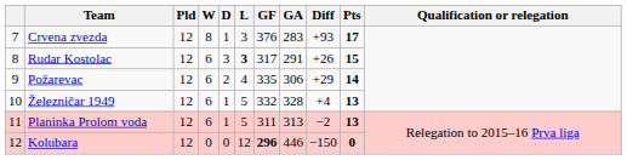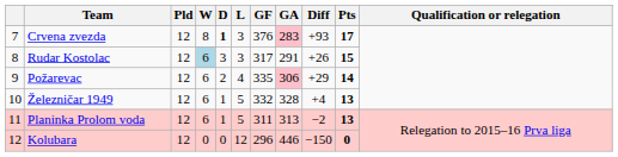 <table class="wikitable sortable" style="text-align:center">
 <tr>
 <th></th>
 <th width="170">Team</th>
 <th>Pld</th>
 <th>W</th>
 <th>D</th>
 <th>L</th>
 <th>GF</th>
 <th>GA</th>
 <th>Diff</th>
 <th>Pts</th>
 <th width="300">Qualification or relegation</th>
 </tr>
 <tr>
 <td>7</td>
 <td align=left> <a href='#'>Crvena zvezda</a></td>
 <td>12</td>
 <td>8</td>
-<td>1</td>
+<td><strong>1</strong></td>
 <td>3</td>
 <td>376</td>
-<td>283</td>
+<td style="background: pink;">283</td>
 <td>+93</td>
 <td><strong>17</strong></td>
 </tr>
 <tr>
 <td>8</td>
 <td align=left> <a href='#'>Rudar Kostolac</a></td>
 <td>12</td>
-<td>6</td>
+<td style="background: lightblue;">6</td>
 <td>3</td>
-<td><strong>3</strong></td>
+<td>3</td>
 <td>317</td>
 <td>291</td>
 <td>+26</td>
 <td><strong>15</strong></td>
 </tr>
 <tr>
 <td>9</td>
 <td align=left> <a href='#'>Požarevac</a></td>
 <td>12</td>
 <td>6</td>
 <td>2</td>
 <td>4</td>
 <td>335</td>
-<td>306</td>
+<td style="background: pink;">306</td>
 <td>+29</td>
 <td><strong>14</strong></td>
 </tr>
 <tr>
 <td>10</td>
 <td align=left> <a href='#'>Železničar 1949</a></td>
 <td>12</td>
 <td>6</td>
 <td>1</td>
 <td>5</td>
 <td>332</td>
 <td>328</td>
 <td>+4</td>
 <td><strong>13</strong></td>
 </tr>
 <tr style="background: #FFCCCC;">
 <td>11</td>
 <td align=left> <a href='#'>Planinka Prolom voda</a></td>
 <td>12</td>
 <td>6</td>
 <td>1</td>
 <td>5</td>
 <td>311</td>
 <td>313</td>
 <td>−2</td>
 <td><strong>13</strong></td>
 <td rowspan="2">Relegation to 2015–16 <a href='#'>Prva liga</a></td>
 </tr>
 <tr style="background: #FFCCCC;">
 <td>12</td>
 <td align=left> <a href='#'>Kolubara</a></td>
 <td>12</td>
 <td>0</td>
 <td>0</td>
 <td>12</td>
-<td><strong>296</strong></td>
+<td>296</td>
 <td>446</td>
 <td>−150</td>
 <td><strong>0</strong></td>
 </tr>
 </table>
